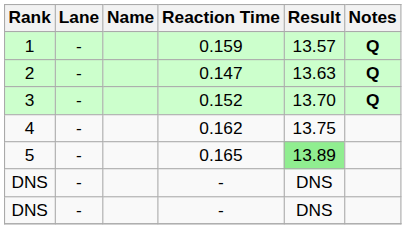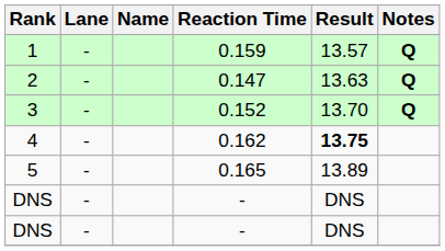 <table class="wikitable" style="text-align:center">
 <tr>
 <th>Rank</th>
 <th>Lane</th>
 <th>Name</th>
 <th>Reaction Time</th>
 <th>Result</th>
 <th>Notes</th>
 </tr>
 <tr bgcolor=ccffcc>
 <td>1</td>
 <td>-</td>
 <td align="left"></td>
 <td>0.159</td>
 <td>13.57</td>
 <td><strong>Q</strong></td>
 </tr>
 <tr bgcolor=ccffcc>
 <td>2</td>
 <td>-</td>
 <td align="left"></td>
 <td>0.147</td>
 <td>13.63</td>
 <td><strong>Q</strong></td>
 </tr>
 <tr bgcolor=ccffcc>
 <td>3</td>
 <td>-</td>
 <td align="left"></td>
 <td>0.152</td>
 <td>13.70</td>
 <td><strong>Q</strong></td>
 </tr>
 <tr>
 <td>4</td>
 <td>-</td>
 <td align="left"></td>
 <td>0.162</td>
-<td>13.75</td>
+<td><strong>13.75</strong></td>
 <td></td>
 </tr>
 <tr>
 <td>5</td>
 <td>-</td>
 <td align="left"></td>
 <td>0.165</td>
-<td style="background: lightgreen;">13.89</td>
+<td>13.89</td>
 <td></td>
 </tr>
 <tr>
 <td>DNS</td>
 <td>-</td>
 <td align="left"></td>
 <td>-</td>
 <td>DNS</td>
 <td></td>
 </tr>
 <tr>
 <td>DNS</td>
 <td>-</td>
 <td align="left"></td>
 <td>-</td>
 <td>DNS</td>
 <td></td>
 </tr>
 <tr>
 </tr>
 </table>
